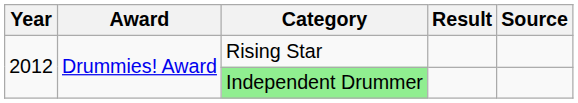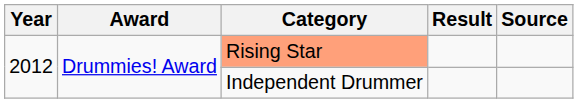 <table class="wikitable">
 <tr>
 <th>Year</th>
 <th>Award</th>
 <th>Category</th>
 <th>Result</th>
 <th>Source </th>
 </tr>
 <tr>
 <td rowspan="2">2012</td>
 <td rowspan="2"><a href='#'>Drummies! Award</a></td>
-<td>Rising Star</td>
+<td style="background: lightsalmon;">Rising Star</td>
 <td></td>
 <td></td>
 </tr>
 <tr>
-<td style="background: lightgreen;">Independent Drummer</td>
+<td>Independent Drummer</td>
 <td></td>
 <td></td>
 </tr>
 </table>
